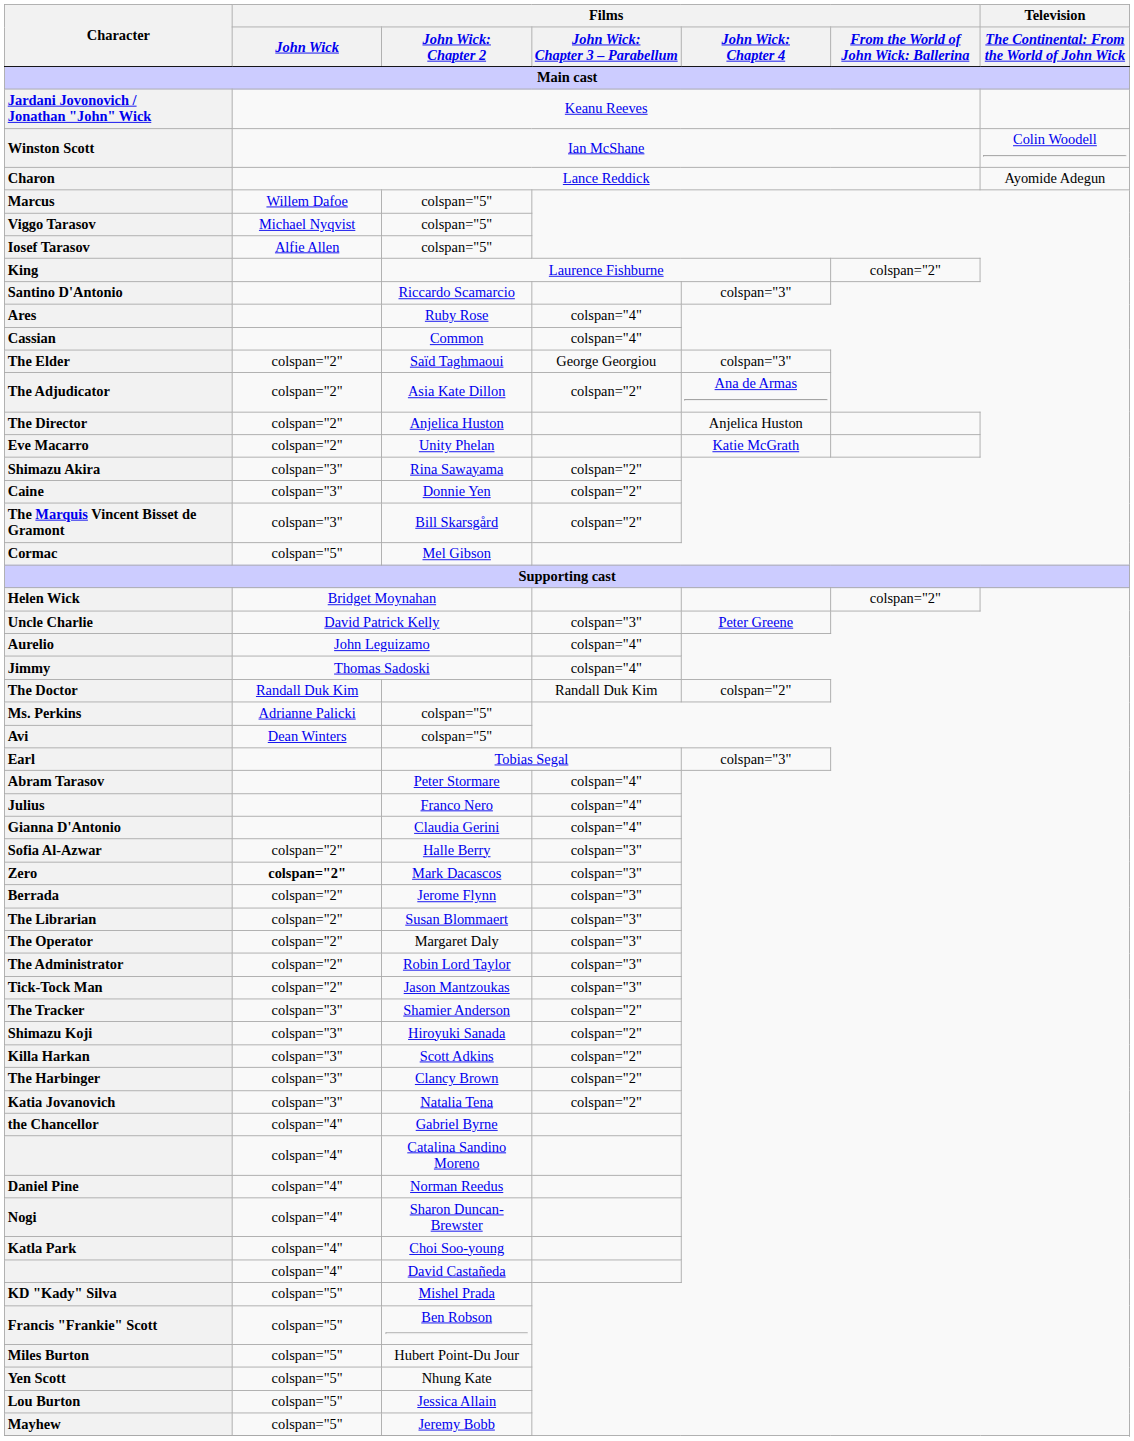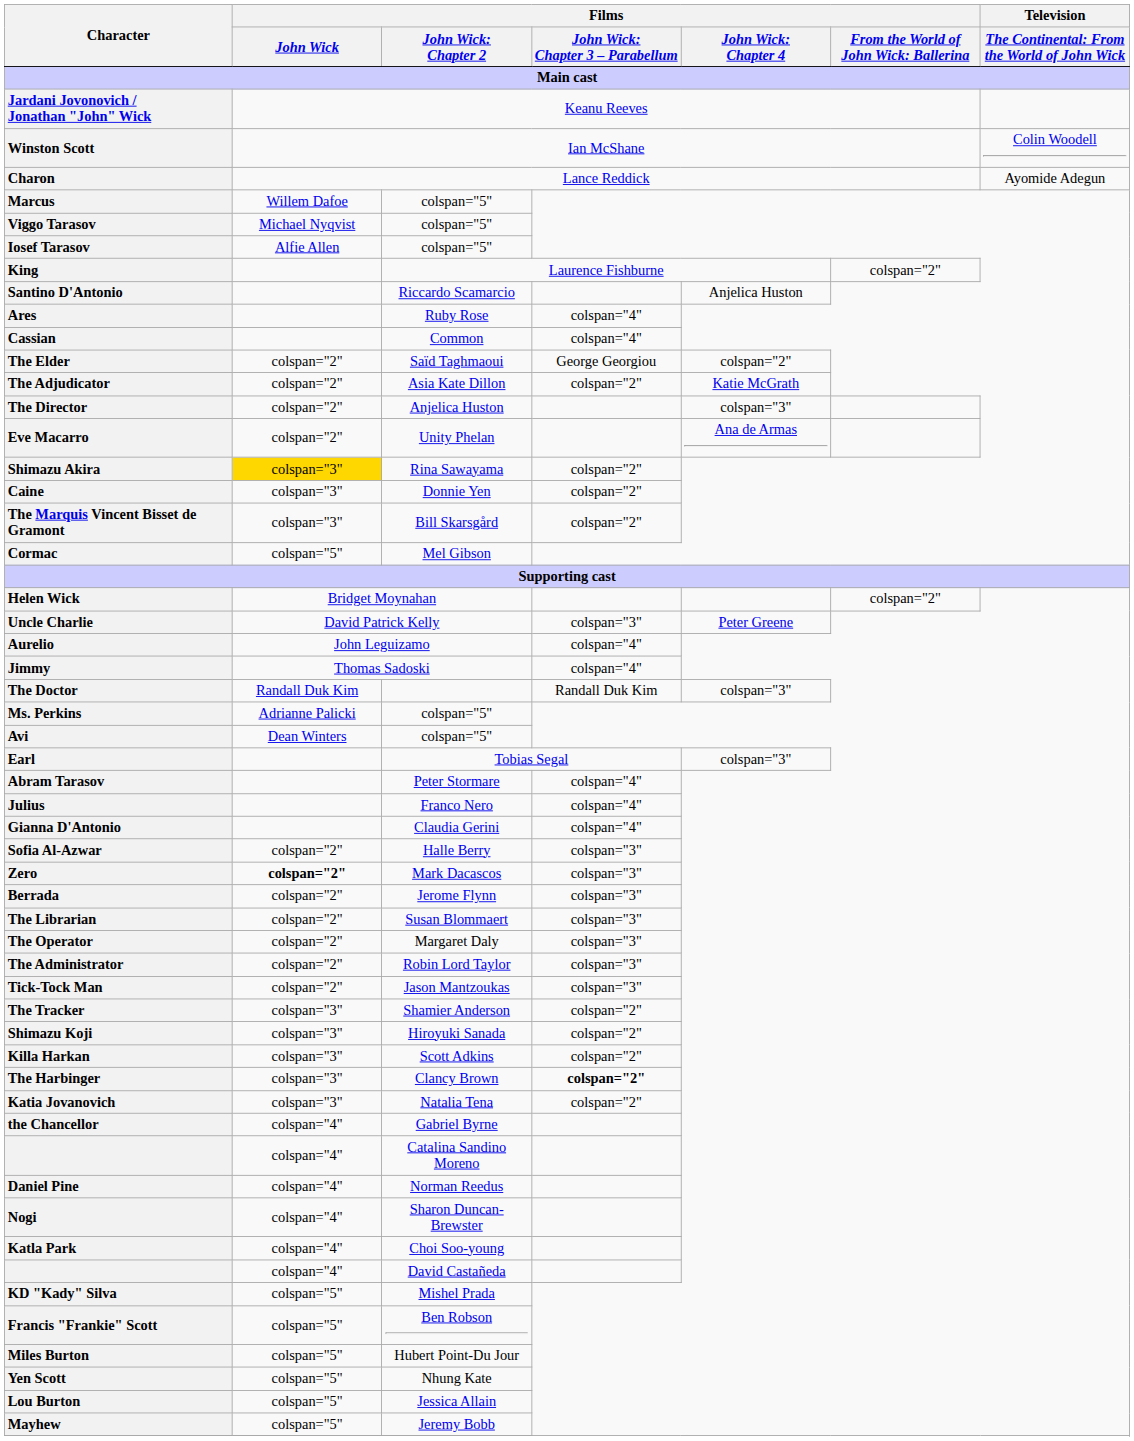 <table class="wikitable sortable sticky-header-multi" style="text-align:center; width:99%;">
 <tr>
 <th class=unsortable rowspan="2" style="width:16%; border-bottom:1px solid;">Character</th>
 <th colspan="5">Films</th>
 <th>Television</th>
 </tr>
 <tr>
 <th class=unsortable style="width:10.5%; border-bottom:1px solid;"><em><a href='#'>John Wick</a></em></th>
 <th class=unsortable style="width:10.5%; border-bottom:1px solid;"><em><a href='#'>John Wick:<br>Chapter 2</a></em></th>
 <th class=unsortable style="width:10.5%; border-bottom:1px solid;"><em><a href='#'>John Wick:<br>Chapter 3 – Parabellum</a></em></th>
 <th class=unsortable style="width:10.5%; border-bottom:1px solid;"><em><a href='#'>John Wick:<br>Chapter 4</a></em></th>
 <th class=unsortable style="width:10.5%; border-bottom:1px solid;"><em><a href='#'>From the World of John Wick: Ballerina</a></em></th>
 <th class=unsortable style="width:10.5%; border-bottom:1px solid;"><em><a href='#'>The Continental: From the World of John Wick</a></em></th>
 </tr>
 <tr>
 <th colspan="7" style="background-color:#ccccff;">Main cast</th>
 </tr>
 <tr>
 <th style=text-align:left><a href='#'>Jardani Jovonovich /<br>Jonathan "John" Wick</a></th>
 <td colspan="5"><a href='#'>Keanu Reeves</a></td>
 <td></td>
 </tr>
 <tr>
 <th style=text-align:left>Winston Scott</th>
 <td colspan="5"><a href='#'>Ian McShane</a></td>
 <td><a href='#'>Colin Woodell</a><hr></td>
 </tr>
 <tr>
 <th style=text-align:left>Charon</th>
 <td colspan="5"><a href='#'>Lance Reddick</a></td>
 <td>Ayomide Adegun</td>
 </tr>
 <tr>
 <th style=text-align:left>Marcus</th>
 <td><a href='#'>Willem Dafoe</a></td>
 <td>colspan="5" </td>
 </tr>
 <tr>
 <th style=text-align:left>Viggo Tarasov</th>
 <td><a href='#'>Michael Nyqvist</a></td>
 <td>colspan="5" </td>
 </tr>
 <tr>
 <th style=text-align:left>Iosef Tarasov</th>
 <td><a href='#'>Alfie Allen</a></td>
 <td>colspan="5" </td>
 </tr>
 <tr>
 <th style=text-align:left>King<br></th>
 <td></td>
 <td colspan="3"><a href='#'>Laurence Fishburne</a></td>
 <td>colspan="2" </td>
 </tr>
 <tr>
 <th style=text-align:left>Santino D'Antonio</th>
 <td></td>
 <td><a href='#'>Riccardo Scamarcio</a></td>
 <td></td>
-<td>colspan="3" </td>
+<td>Anjelica Huston</td>
 </tr>
 <tr>
 <th style=text-align:left>Ares</th>
 <td></td>
 <td><a href='#'>Ruby Rose</a></td>
 <td>colspan="4" </td>
 </tr>
 <tr>
 <th style=text-align:left>Cassian</th>
 <td></td>
 <td><a href='#'>Common</a></td>
 <td>colspan="4" </td>
 </tr>
 <tr>
 <th style=text-align:left>The Elder</th>
 <td>colspan="2" </td>
 <td><a href='#'>Saïd Taghmaoui</a></td>
 <td>George Georgiou</td>
-<td>colspan="3" </td>
+<td>colspan="2" </td>
 </tr>
 <tr>
 <th style=text-align:left>The Adjudicator</th>
 <td>colspan="2" </td>
 <td><a href='#'>Asia Kate Dillon</a></td>
 <td>colspan="2" </td>
-<td><a href='#'>Ana de Armas</a><hr></td>
+<td><a href='#'>Katie McGrath</a></td>
 </tr>
 <tr>
 <th style=text-align:left>The Director</th>
 <td>colspan="2" </td>
 <td><a href='#'>Anjelica Huston</a></td>
 <td></td>
-<td>Anjelica Huston</td>
+<td>colspan="3" </td>
 <td></td>
 </tr>
 <tr>
 <th style=text-align:left>Eve Macarro<br></th>
 <td>colspan="2" </td>
 <td><a href='#'>Unity Phelan</a></td>
 <td></td>
-<td><a href='#'>Katie McGrath</a></td>
+<td><a href='#'>Ana de Armas</a><hr></td>
 <td></td>
 </tr>
 <tr>
 <th style=text-align:left>Shimazu Akira</th>
-<td>colspan="3" </td>
+<td style="background: gold;">colspan="3" </td>
 <td><a href='#'>Rina Sawayama</a></td>
 <td>colspan="2" </td>
 </tr>
 <tr>
 <th style=text-align:left>Caine</th>
 <td>colspan="3" </td>
 <td><a href='#'>Donnie Yen</a></td>
 <td>colspan="2" </td>
 </tr>
 <tr>
 <th style=text-align:left>The <a href='#'>Marquis</a> Vincent Bisset de Gramont</th>
 <td>colspan="3" </td>
 <td><a href='#'>Bill Skarsgård</a></td>
 <td>colspan="2" </td>
 </tr>
 <tr>
 <th style=text-align:left>Cormac</th>
 <td>colspan="5" </td>
 <td><a href='#'>Mel Gibson</a></td>
 </tr>
 <tr>
 <th colspan="7" style="background-color:#ccccff;">Supporting cast</th>
 </tr>
 <tr>
 <th style=text-align:left>Helen Wick</th>
 <td colspan="2"><a href='#'>Bridget Moynahan</a></td>
 <td></td>
 <td></td>
 <td>colspan="2" </td>
 </tr>
 <tr>
 <th style=text-align:left>Uncle Charlie</th>
 <td colspan="2"><a href='#'>David Patrick Kelly</a></td>
 <td>colspan="3" </td>
 <td><a href='#'>Peter Greene</a></td>
 </tr>
 <tr>
 <th style=text-align:left>Aurelio</th>
 <td colspan="2"><a href='#'>John Leguizamo</a></td>
 <td>colspan="4" </td>
 </tr>
 <tr>
 <th style=text-align:left>Jimmy</th>
 <td colspan="2"><a href='#'>Thomas Sadoski</a></td>
 <td>colspan="4" </td>
 </tr>
 <tr>
 <th style=text-align:left>The Doctor</th>
 <td><a href='#'>Randall Duk Kim</a></td>
 <td></td>
 <td>Randall Duk Kim</td>
-<td>colspan="2" </td>
+<td>colspan="3" </td>
 </tr>
 <tr>
 <th style=text-align:left>Ms. Perkins</th>
 <td><a href='#'>Adrianne Palicki</a></td>
 <td>colspan="5" </td>
 </tr>
 <tr>
 <th style=text-align:left>Avi</th>
 <td><a href='#'>Dean Winters</a></td>
 <td>colspan="5" </td>
 </tr>
 <tr>
 <th style=text-align:left>Earl</th>
 <td></td>
 <td colspan="2"><a href='#'>Tobias Segal</a></td>
 <td>colspan="3" </td>
 </tr>
 <tr>
 <th style=text-align:left>Abram Tarasov</th>
 <td></td>
 <td><a href='#'>Peter Stormare</a></td>
 <td>colspan="4" </td>
 </tr>
 <tr>
 <th style=text-align:left>Julius</th>
 <td></td>
 <td><a href='#'>Franco Nero</a></td>
 <td>colspan="4" </td>
 </tr>
 <tr>
 <th style=text-align:left>Gianna D'Antonio</th>
 <td></td>
 <td><a href='#'>Claudia Gerini</a></td>
 <td>colspan="4" </td>
 </tr>
 <tr>
 <th style=text-align:left>Sofia Al-Azwar</th>
 <td>colspan="2" </td>
 <td><a href='#'>Halle Berry</a></td>
 <td>colspan="3" </td>
 </tr>
 <tr>
 <th style=text-align:left>Zero</th>
 <td><strong>colspan="2" </strong></td>
 <td><a href='#'>Mark Dacascos</a></td>
 <td>colspan="3" </td>
 </tr>
 <tr>
 <th style=text-align:left>Berrada</th>
 <td>colspan="2" </td>
 <td><a href='#'>Jerome Flynn</a></td>
 <td>colspan="3" </td>
 </tr>
 <tr>
 <th style=text-align:left>The Librarian</th>
 <td>colspan="2" </td>
 <td><a href='#'>Susan Blommaert</a></td>
 <td>colspan="3" </td>
 </tr>
 <tr>
 <th style=text-align:left>The Operator</th>
 <td>colspan="2" </td>
 <td>Margaret Daly</td>
 <td>colspan="3" </td>
 </tr>
 <tr>
 <th style=text-align:left>The Administrator</th>
 <td>colspan="2" </td>
 <td><a href='#'>Robin Lord Taylor</a></td>
 <td>colspan="3" </td>
 </tr>
 <tr>
 <th style=text-align:left>Tick-Tock Man</th>
 <td>colspan="2" </td>
 <td><a href='#'>Jason Mantzoukas</a></td>
 <td>colspan="3" </td>
 </tr>
 <tr>
 <th style=text-align:left>The Tracker<br></th>
 <td>colspan="3" </td>
 <td><a href='#'>Shamier Anderson</a></td>
 <td>colspan="2" </td>
 </tr>
 <tr>
 <th style=text-align:left>Shimazu Koji</th>
 <td>colspan="3" </td>
 <td><a href='#'>Hiroyuki Sanada</a></td>
 <td>colspan="2" </td>
 </tr>
 <tr>
 <th style=text-align:left>Killa Harkan</th>
 <td>colspan="3" </td>
 <td><a href='#'>Scott Adkins</a></td>
 <td>colspan="2" </td>
 </tr>
 <tr>
 <th style=text-align:left>The Harbinger</th>
 <td>colspan="3" </td>
 <td><a href='#'>Clancy Brown</a></td>
-<td>colspan="2" </td>
+<td><strong>colspan="2" </strong></td>
 </tr>
 <tr>
 <th style=text-align:left>Katia Jovanovich</th>
 <td>colspan="3" </td>
 <td><a href='#'>Natalia Tena</a></td>
 <td>colspan="2" </td>
 </tr>
 <tr>
 <th style=text-align:left>the Chancellor</th>
 <td>colspan="4" </td>
 <td><a href='#'>Gabriel Byrne</a></td>
 <td></td>
 </tr>
 <tr>
 <th></th>
 <td>colspan="4" </td>
 <td><a href='#'>Catalina Sandino Moreno</a></td>
 <td></td>
 </tr>
 <tr>
 <th style=text-align:left>Daniel Pine</th>
 <td>colspan="4" </td>
 <td><a href='#'>Norman Reedus</a></td>
 <td></td>
 </tr>
 <tr>
 <th style=text-align:left>Nogi</th>
 <td>colspan="4" </td>
 <td><a href='#'>Sharon Duncan-Brewster</a></td>
 <td></td>
 </tr>
 <tr>
 <th style=text-align:left>Katla Park</th>
 <td>colspan="4" </td>
 <td><a href='#'>Choi Soo-young</a></td>
 <td></td>
 </tr>
 <tr>
 <th></th>
 <td>colspan="4" </td>
 <td><a href='#'>David Castañeda</a></td>
 <td></td>
 </tr>
 <tr>
 <th style=text-align:left>KD "Kady" Silva</th>
 <td>colspan="5" </td>
 <td><a href='#'>Mishel Prada</a></td>
 </tr>
 <tr>
 <th style=text-align:left>Francis "Frankie" Scott</th>
 <td>colspan="5" </td>
 <td><a href='#'>Ben Robson</a><hr></td>
 </tr>
 <tr>
 <th style=text-align:left>Miles Burton</th>
 <td>colspan="5" </td>
 <td>Hubert Point-Du Jour</td>
 </tr>
 <tr>
 <th style=text-align:left>Yen Scott</th>
 <td>colspan="5" </td>
 <td>Nhung Kate</td>
 </tr>
 <tr>
 <th style=text-align:left>Lou Burton</th>
 <td>colspan="5" </td>
 <td><a href='#'>Jessica Allain</a></td>
 </tr>
 <tr>
 <th style=text-align:left>Mayhew</th>
 <td>colspan="5" </td>
 <td><a href='#'>Jeremy Bobb</a></td>
 </tr>
 <tr>
 </tr>
 </table>
